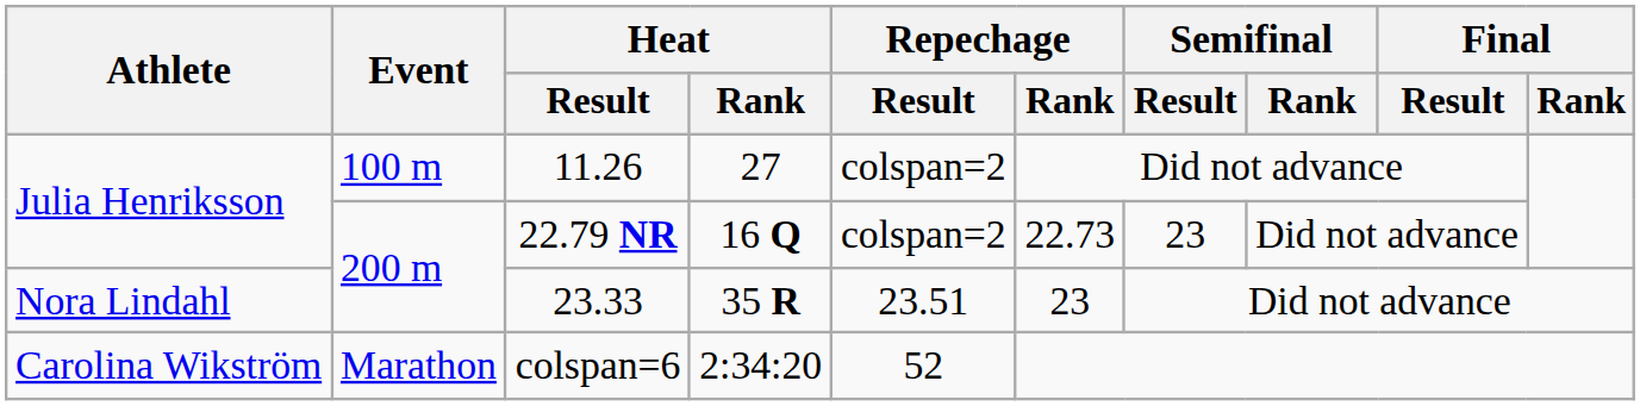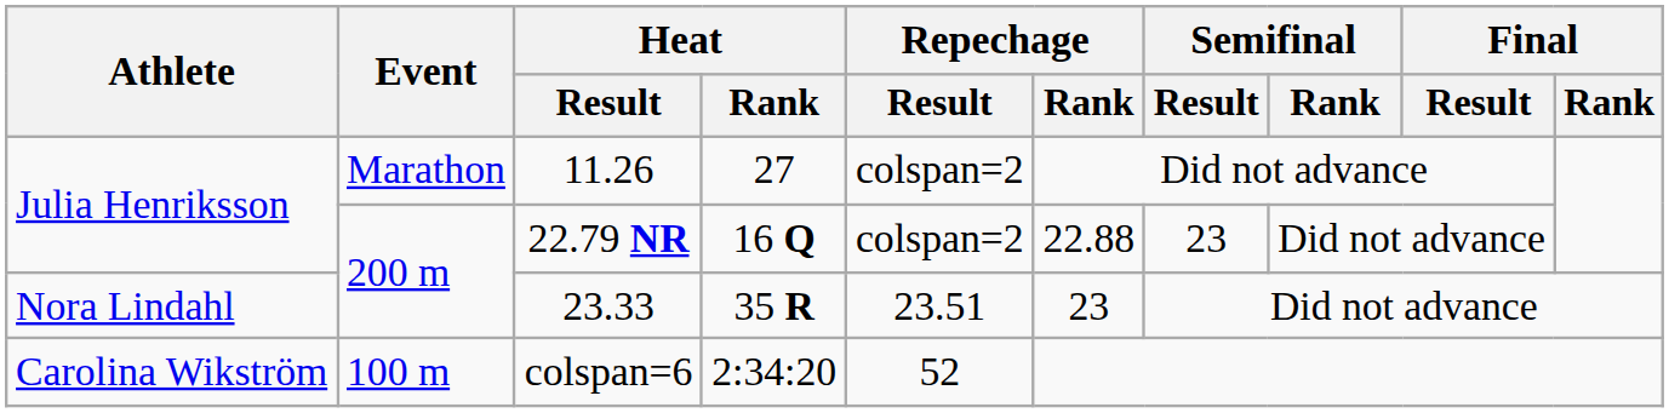 <table class="wikitable" style="font-size:90%">
 <tr>
 <th rowspan="2">Athlete</th>
 <th rowspan="2">Event</th>
 <th colspan="2">Heat</th>
 <th colspan="2">Repechage</th>
 <th colspan="2">Semifinal</th>
 <th colspan="2">Final</th>
 </tr>
 <tr style="font-size:95%">
 <th>Result</th>
 <th>Rank</th>
 <th>Result</th>
 <th>Rank</th>
 <th>Result</th>
 <th>Rank</th>
 <th>Result</th>
 <th>Rank</th>
 </tr>
 <tr align=center>
 <td align=left rowspan=2><a href='#'>Julia Henriksson</a></td>
-<td align=left><a href='#'>100 m</a></td>
+<td align=left><a href='#'>Marathon</a></td>
 <td>11.26</td>
 <td>27</td>
 <td>colspan=2 </td>
 <td colspan=4>Did not advance</td>
 </tr>
 <tr align=center>
 <td align=left rowspan=2><a href='#'>200 m</a></td>
 <td>22.79  <strong><a href='#'>NR</a></strong></td>
 <td>16 <strong>Q</strong></td>
 <td>colspan=2 </td>
-<td>22.73</td>
+<td>22.88</td>
 <td>23</td>
 <td colspan=2>Did not advance</td>
 </tr>
 <tr align=center>
 <td align=left><a href='#'>Nora Lindahl</a></td>
 <td>23.33</td>
 <td>35 <strong>R</strong></td>
 <td>23.51</td>
 <td>23</td>
 <td colspan=4>Did not advance</td>
 </tr>
 <tr align=center>
 <td align=left><a href='#'>Carolina Wikström</a></td>
-<td align=left><a href='#'>Marathon</a></td>
+<td align=left><a href='#'>100 m</a></td>
 <td>colspan=6 </td>
 <td>2:34:20</td>
 <td>52</td>
 </tr>
 </table>
